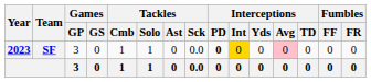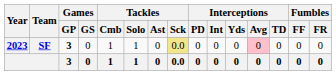 <table class="wikitable" style="text-align:center;">
 <tr>
 <th rowspan="2">Year</th>
 <th rowspan="2">Team</th>
 <th colspan="2">Games</th>
 <th colspan="4">Tackles</th>
 <th colspan="5">Interceptions</th>
 <th colspan="2">Fumbles</th>
 </tr>
 <tr>
 <th>GP</th>
 <th>GS</th>
 <th>Cmb</th>
 <th>Solo</th>
 <th>Ast</th>
 <th>Sck</th>
 <th>PD</th>
 <th>Int</th>
 <th>Yds</th>
 <th>Avg</th>
 <th>TD</th>
 <th>FF</th>
 <th>FR</th>
 </tr>
 <tr>
 <th><a href='#'>2023</a></th>
 <th><a href='#'>SF</a></th>
-<td>3</td>
+<td><strong>3</strong></td>
 <td>0</td>
 <td>1</td>
 <td>1</td>
 <td>0</td>
-<td>0.0</td>
-<td><strong>0</strong></td>
-<td style="background: gold;">0</td>
+<td style="background: khaki;">0.0</td>
+<td>0</td>
+<td>0</td>
 <td>0</td>
 <td style="background: pink;">0</td>
 <td>0</td>
 <td>0</td>
 <td>0</td>
 </tr>
 <tr>
 <th colspan="2"></th>
 <th>3</th>
 <th>0</th>
 <th>1</th>
 <th>1</th>
 <th>0</th>
 <th>0.0</th>
 <th>0</th>
 <th>0</th>
 <th>0</th>
 <th>0</th>
 <th>0</th>
 <th>0</th>
 <th>0</th>
 </tr>
 </table>
